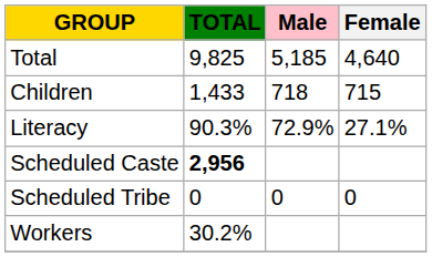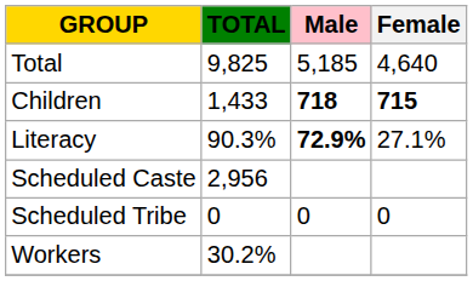 <table class="wikitable sortable" style="background:#fff;">
 <tr>
 <th style="background:gold;">GROUP</th>
 <th ! style="background:green;">TOTAL</th>
 <th ! style="background:pink;">Male</th>
 <th ! style="background:;">Female</th>
 </tr>
 <tr>
 <td>Total</td>
 <td>9,825</td>
 <td>5,185</td>
 <td>4,640</td>
 </tr>
 <tr>
 <td>Children</td>
 <td>1,433</td>
-<td>718</td>
-<td>715</td>
+<td><strong>718</strong></td>
+<td><strong>715</strong></td>
 </tr>
 <tr>
 <td>Literacy</td>
 <td>90.3%</td>
-<td>72.9%</td>
+<td><strong>72.9%</strong></td>
 <td>27.1%</td>
 </tr>
 <tr>
 <td>Scheduled Caste</td>
-<td><strong>2,956</strong></td>
+<td>2,956</td>
 <td></td>
 <td></td>
 </tr>
 <tr>
 <td>Scheduled Tribe</td>
 <td>0</td>
 <td>0</td>
 <td>0</td>
 </tr>
 <tr>
 <td>Workers</td>
 <td>30.2%</td>
 <td></td>
 <td></td>
 </tr>
 <tr>
 </tr>
 </table>
